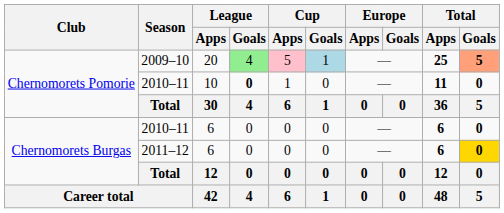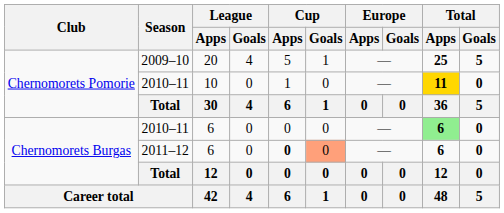 <table class="wikitable" style="font-size:90%; text-align: center">
 <tr>
 <th rowspan="2">Club</th>
 <th rowspan="2">Season</th>
 <th colspan="2">League</th>
 <th colspan="2">Cup</th>
 <th colspan="2">Europe</th>
 <th colspan="2">Total</th>
 </tr>
 <tr>
 <th>Apps</th>
 <th>Goals</th>
 <th>Apps</th>
 <th>Goals</th>
 <th>Apps</th>
 <th>Goals</th>
 <th>Apps</th>
 <th>Goals</th>
 </tr>
 <tr>
 <td rowspan="3"><a href='#'>Chernomorets Pomorie</a></td>
 <td>2009–10</td>
 <td>20</td>
-<td style="background: lightgreen;">4</td>
-<td style="background: pink;">5</td>
-<td style="background: lightblue;">1</td>
+<td>4</td>
+<td>5</td>
+<td>1</td>
 <td colspan="2">—</td>
 <td><strong>25</strong></td>
-<td style="background: lightsalmon;"><strong>5</strong></td>
+<td><strong>5</strong></td>
 </tr>
 <tr>
 <td>2010–11</td>
 <td>10</td>
-<td><strong>0</strong></td>
+<td>0</td>
 <td>1</td>
 <td>0</td>
 <td colspan="2">—</td>
-<td><strong>11</strong></td>
+<td style="background: gold;"><strong>11</strong></td>
 <td><strong>0</strong></td>
 </tr>
 <tr>
 <th colspan=1>Total</th>
 <th>30</th>
 <th>4</th>
 <th>6</th>
 <th>1</th>
 <th>0</th>
 <th>0</th>
 <th>36</th>
 <th>5</th>
 </tr>
 <tr>
 <td rowspan="3"><a href='#'>Chernomorets Burgas</a></td>
 <td>2010–11</td>
 <td>6</td>
 <td>0</td>
 <td>0</td>
 <td>0</td>
 <td colspan="2">—</td>
-<td><strong>6</strong></td>
+<td style="background: lightgreen;"><strong>6</strong></td>
 <td><strong>0</strong></td>
 </tr>
 <tr>
 <td>2011–12</td>
 <td>6</td>
 <td>0</td>
-<td>0</td>
-<td>0</td>
+<td><strong>0</strong></td>
+<td style="background: lightsalmon;">0</td>
 <td colspan="2">—</td>
 <td><strong>6</strong></td>
-<td style="background: gold;"><strong>0</strong></td>
+<td><strong>0</strong></td>
 </tr>
 <tr>
 <th colspan=1>Total</th>
 <th>12</th>
 <th>0</th>
 <th>0</th>
 <th>0</th>
 <th>0</th>
 <th>0</th>
 <th>12</th>
 <th>0</th>
 </tr>
 <tr>
 <th colspan=2>Career total</th>
 <th>42</th>
 <th>4</th>
 <th>6</th>
 <th>1</th>
 <th>0</th>
 <th>0</th>
 <th>48</th>
 <th>5</th>
 </tr>
 </table>
